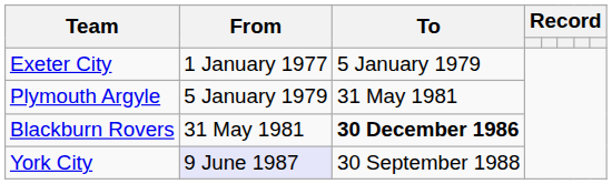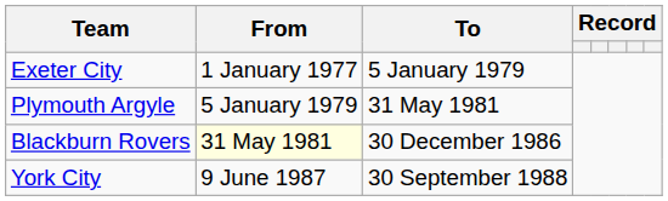 <table class="wikitable" style="text-align: center">
 <tr>
 <th rowspan="2">Team</th>
 <th rowspan="2">From</th>
 <th rowspan="2">To</th>
 <th colspan="5">Record</th>
 </tr>
 <tr>
 <th></th>
 <th></th>
 <th></th>
 <th></th>
 <th></th>
 </tr>
 <tr>
 <td align=left><a href='#'>Exeter City</a></td>
 <td align=left>1 January 1977</td>
 <td align=left>5 January 1979<br></td>
 </tr>
 <tr>
 <td align=left><a href='#'>Plymouth Argyle</a></td>
 <td align=left>5 January 1979</td>
 <td align=left>31 May 1981<br></td>
 </tr>
 <tr>
 <td align=left><a href='#'>Blackburn Rovers</a></td>
-<td align=left>31 May 1981</td>
-<td align=left><strong>30 December 1986<br></strong></td>
+<td align=left style="background: lightyellow;">31 May 1981</td>
+<td align=left>30 December 1986<br></td>
 </tr>
 <tr>
 <td align=left><a href='#'>York City</a></td>
-<td align=left style="background: lavender;">9 June 1987</td>
+<td align=left>9 June 1987</td>
 <td align=left>30 September 1988<br></td>
 </tr>
 </table>
